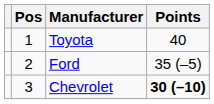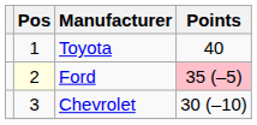 <table class="wikitable" style="font-size: 95%">
 <tr>
 <th></th>
 <th>Pos</th>
 <th>Manufacturer</th>
 <th>Points</th>
 </tr>
 <tr>
 <td align="left"></td>
 <td style="text-align:center;">1</td>
 <td><a href='#'>Toyota</a></td>
 <td style="text-align:center;">40</td>
 </tr>
 <tr>
 <td align="left"></td>
-<td style="text-align:center;">2</td>
+<td style="background: lightyellow; text-align:center;">2</td>
 <td><a href='#'>Ford</a></td>
-<td style="text-align:center;">35 (–5)</td>
+<td style="background: pink; text-align:center;">35 (–5)</td>
 </tr>
 <tr>
 <td align="left"></td>
 <td style="text-align:center;">3</td>
 <td><a href='#'>Chevrolet</a></td>
-<td style="text-align:center;"><strong>30 (–10)</strong></td>
+<td style="text-align:center;">30 (–10)</td>
 </tr>
 <tr class="sortbottom">
 </tr>
 </table>
